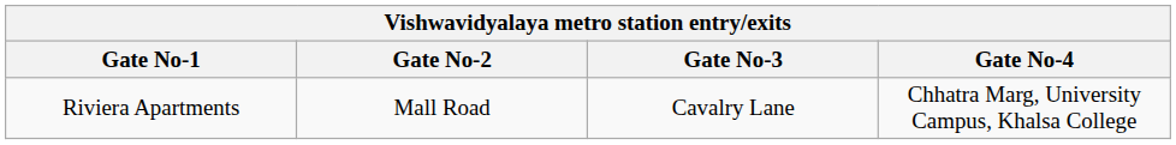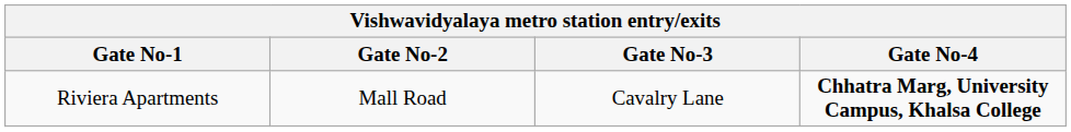 <table class="wikitable" style="text-align: center;" width="65%">
 <tr>
 <th align="center" colspan="4" style="background:#"><span>Vishwavidyalaya metro station entry/exits</span></th>
 </tr>
 <tr>
 <th style="width:15%;">Gate No-1 </th>
 <th style="width:15%;">Gate No-2 </th>
 <th style="width:15%;">Gate No-3 </th>
 <th style="width:15%;">Gate No-4 </th>
 </tr>
 <tr>
 <td>Riviera Apartments</td>
 <td>Mall Road</td>
 <td>Cavalry Lane</td>
-<td>Chhatra Marg, University Campus, Khalsa College</td>
+<td><strong>Chhatra Marg, University Campus, Khalsa College</strong></td>
 </tr>
 </table>
